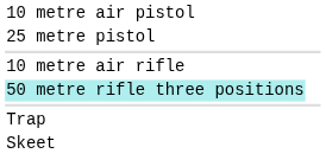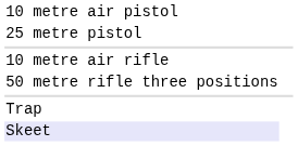 <table>
 <tr>
 <td>10 metre air pistol</td>
 <td></td>
 <td></td>
 <td></td>
 </tr>
 <tr>
 <td>25 metre pistol</td>
 <td></td>
 <td></td>
 <td></td>
 </tr>
 <tr bgcolor=#DDDDDD>
 <td colspan=7></td>
 </tr>
 <tr>
 <td>10 metre air rifle</td>
 <td></td>
 <td></td>
 <td></td>
 </tr>
 <tr>
-<td style="background: paleturquoise;">50 metre rifle three positions</td>
+<td>50 metre rifle three positions</td>
 <td></td>
 <td></td>
 <td></td>
 </tr>
 <tr bgcolor=#DDDDDD>
 <td colspan=7></td>
 </tr>
 <tr>
 <td>Trap</td>
 <td></td>
 <td></td>
 <td></td>
 </tr>
 <tr>
-<td>Skeet</td>
+<td style="background: lavender;">Skeet</td>
 <td></td>
 <td></td>
 <td></td>
 </tr>
 </table>
